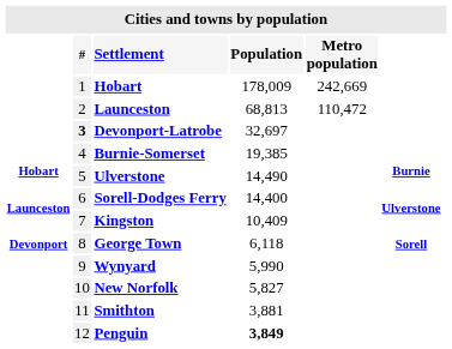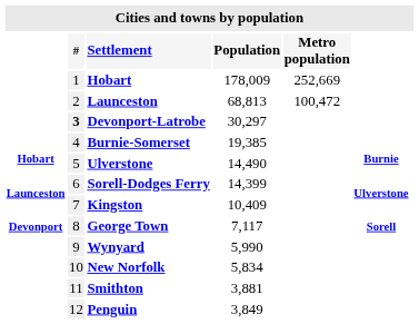 <table class="table" style="text-align:center; margin-right:10px; font-size:90%">
 <tr>
 <th colspan="7" style="background:#e9e9e9; padding:0.3em;" 0; line-height:1.2em;>Cities and towns by population</th>
 </tr>
 <tr>
 <th rowspan=21><br><br><small><a href='#'>Hobart</a></small><br> <br><small><a href='#'>Launceston</a></small><br> <br><small><a href='#'>Devonport</a></small><br></th>
 <th style="text-align:center; background:#f5f5f5;"><small>#</small></th>
 <th style="text-align:left; background:#f5f5f5;"><a href='#'>Settlement</a></th>
 <th style="text-align:center; background:#f5f5f5;">Population</th>
 <th style="text-align:center; background:#f5f5f5;">Metro <br> population</th>
 <th rowspan=21><br><br><small><a href='#'>Burnie</a></small><br> <br><small><a href='#'>Ulverstone</a></small><br> <br><small><a href='#'>Sorell</a></small></th>
 </tr>
 <tr>
 <td style="background:#f0f0f0">1</td>
 <td align=left><strong><a href='#'>Hobart</a></strong></td>
 <td>178,009</td>
-<td>242,669</td>
+<td>252,669</td>
 <td></td>
 </tr>
 <tr>
 <td style="background:#f0f0f0">2</td>
 <td align=left><strong><a href='#'>Launceston</a></strong></td>
 <td>68,813</td>
-<td>110,472</td>
+<td>100,472</td>
 <td></td>
 </tr>
 <tr>
 <td style="background:#f0f0f0"><strong>3</strong></td>
 <td align=left><strong><a href='#'>Devonport-Latrobe</a> </strong></td>
-<td>32,697</td>
+<td>30,297</td>
 <td></td>
 </tr>
 <tr>
 <td style="background:#f0f0f0">4</td>
 <td align=left><strong><a href='#'>Burnie-Somerset</a></strong></td>
 <td>19,385</td>
 </tr>
 <tr |->
 <td style="background:#f0f0f0">5</td>
 <td align=left><strong><a href='#'>Ulverstone</a> </strong></td>
 <td>14,490</td>
 <td></td>
 </tr>
 <tr>
 <td style="background:#f0f0f0">6</td>
 <td align=left><strong><a href='#'>Sorell-Dodges Ferry</a></strong></td>
-<td>14,400</td>
+<td>14,399</td>
 <td></td>
 </tr>
 <tr>
 <td style="background:#f0f0f0">7</td>
 <td align=left><strong><a href='#'>Kingston</a> </strong></td>
 <td>10,409</td>
 <td></td>
 </tr>
 <tr>
 <td style="background:#f0f0f0">8</td>
 <td align=left><strong><a href='#'>George Town</a></strong></td>
-<td>6,118</td>
+<td>7,117</td>
 <td></td>
 </tr>
 <tr>
 <td style="background:#f0f0f0">9</td>
 <td align=left><strong><a href='#'>Wynyard</a></strong></td>
 <td>5,990</td>
 </tr>
 <tr>
 <td style="background:#f0f0f0">10</td>
 <td align=left><strong><a href='#'>New Norfolk</a></strong></td>
-<td>5,827</td>
+<td>5,834</td>
 </tr>
 <tr>
 <td style="background:#f0f0f0">11</td>
 <td align=left><strong><a href='#'>Smithton</a></strong></td>
 <td>3,881</td>
 <td></td>
 </tr>
 <tr>
 <td style="background:#f0f0f0">12</td>
 <td align=left><strong><a href='#'>Penguin</a></strong></td>
-<td><strong>3,849</strong></td>
+<td>3,849</td>
 <td></td>
 </tr>
 </table>
